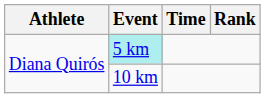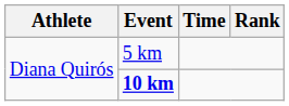 <table class=wikitable style="font-size:90%;">
 <tr>
 <th>Athlete</th>
 <th>Event</th>
 <th>Time</th>
 <th>Rank</th>
 </tr>
 <tr style="text-align:center">
 <td style="text-align:left" rowspan=2><a href='#'>Diana Quirós</a></td>
-<td style="background: paleturquoise; text-align:left"><a href='#'>5 km</a></td>
+<td style="text-align:left"><a href='#'>5 km</a></td>
 <td colspan=2></td>
 </tr>
 <tr style="text-align:center">
-<td style="text-align:left"><a href='#'>10 km</a></td>
+<td style="text-align:left"><strong><a href='#'>10 km</a></strong></td>
 <td colspan=2></td>
 </tr>
 </table>
